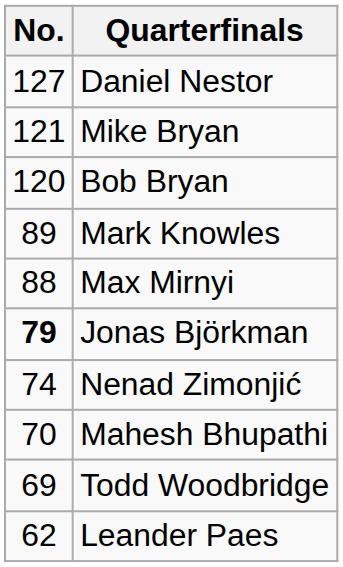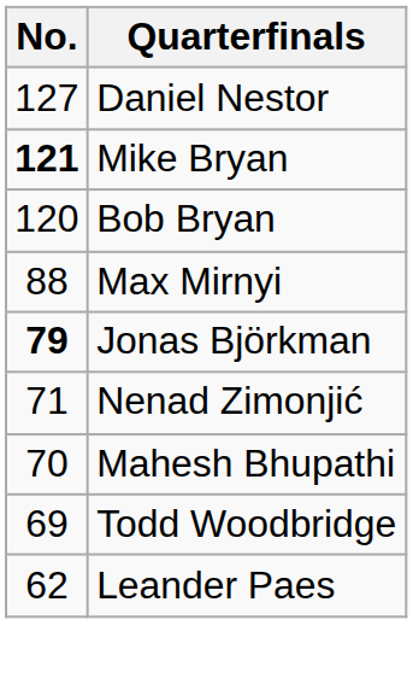 <table class="wikitable nowrap" style="text-align:center; display:inline-table">
 <tr>
 <th scope="col" style="width:20">No.</th>
 <th scope="col">Quarterfinals</th>
 </tr>
 <tr>
 <td>127</td>
 <td style="text-align: left;"> Daniel Nestor</td>
 </tr>
 <tr>
-<td>121</td>
+<td><strong>121</strong></td>
 <td style="text-align: left;"> Mike Bryan</td>
 </tr>
 <tr>
 <td>120</td>
 <td style="text-align: left;"> Bob Bryan</td>
-</tr>
-<tr>
-<td>89</td>
-<td style="text-align: left;"> Mark Knowles</td>
 </tr>
 <tr>
 <td>88</td>
 <td style="text-align: left;"> Max Mirnyi</td>
 </tr>
 <tr>
 <td><strong>79</strong></td>
 <td style="text-align: left;"> Jonas Björkman</td>
 </tr>
 <tr>
-<td>74</td>
+<td>71</td>
 <td style="text-align: left;"> Nenad Zimonjić</td>
 </tr>
 <tr>
 <td>70</td>
 <td style="text-align: left;"> Mahesh Bhupathi</td>
 </tr>
 <tr>
 <td>69</td>
 <td style="text-align: left;"> Todd Woodbridge</td>
 </tr>
 <tr>
 <td>62</td>
 <td style="text-align: left;"> Leander Paes</td>
 </tr>
 </table>
